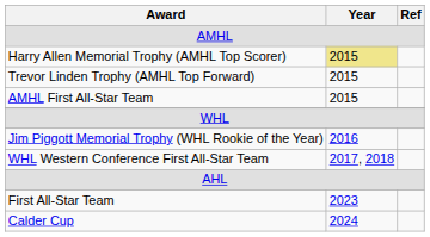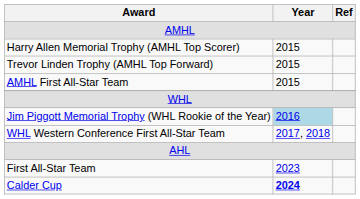 <table class="wikitable">
 <tr>
 <th>Award</th>
 <th>Year</th>
 <th>Ref</th>
 </tr>
 <tr ALIGN="center" bgcolor="#e0e0e0">
 <td colspan="3"><a href='#'>AMHL</a></td>
 </tr>
 <tr>
 <td>Harry Allen Memorial Trophy (AMHL Top Scorer)</td>
-<td style="background: khaki;">2015</td>
+<td>2015</td>
 <td></td>
 </tr>
 <tr>
 <td>Trevor Linden Trophy (AMHL Top Forward)</td>
 <td>2015</td>
 <td></td>
 </tr>
 <tr>
 <td><a href='#'>AMHL</a> First All-Star Team</td>
 <td>2015</td>
 <td></td>
 </tr>
 <tr>
 </tr>
 <tr ALIGN="center" bgcolor="#e0e0e0">
 <td colspan="3"><a href='#'>WHL</a></td>
 </tr>
 <tr>
 <td><a href='#'>Jim Piggott Memorial Trophy</a> (WHL Rookie of the Year)</td>
-<td><a href='#'>2016</a></td>
+<td style="background: lightblue;"><a href='#'>2016</a></td>
 <td></td>
 </tr>
 <tr>
 <td><a href='#'>WHL</a> Western Conference First All-Star Team</td>
 <td><a href='#'>2017</a>, <a href='#'>2018</a></td>
 <td></td>
 </tr>
 <tr ALIGN="center" bgcolor="#e0e0e0">
 <td colspan="3"><a href='#'>AHL</a></td>
 </tr>
 <tr>
 <td>First All-Star Team</td>
 <td><a href='#'>2023</a></td>
 <td></td>
 </tr>
 <tr>
 <td><a href='#'>Calder Cup</a></td>
-<td><a href='#'>2024</a></td>
+<td><strong><a href='#'>2024</a></strong></td>
 <td></td>
 </tr>
 </table>
